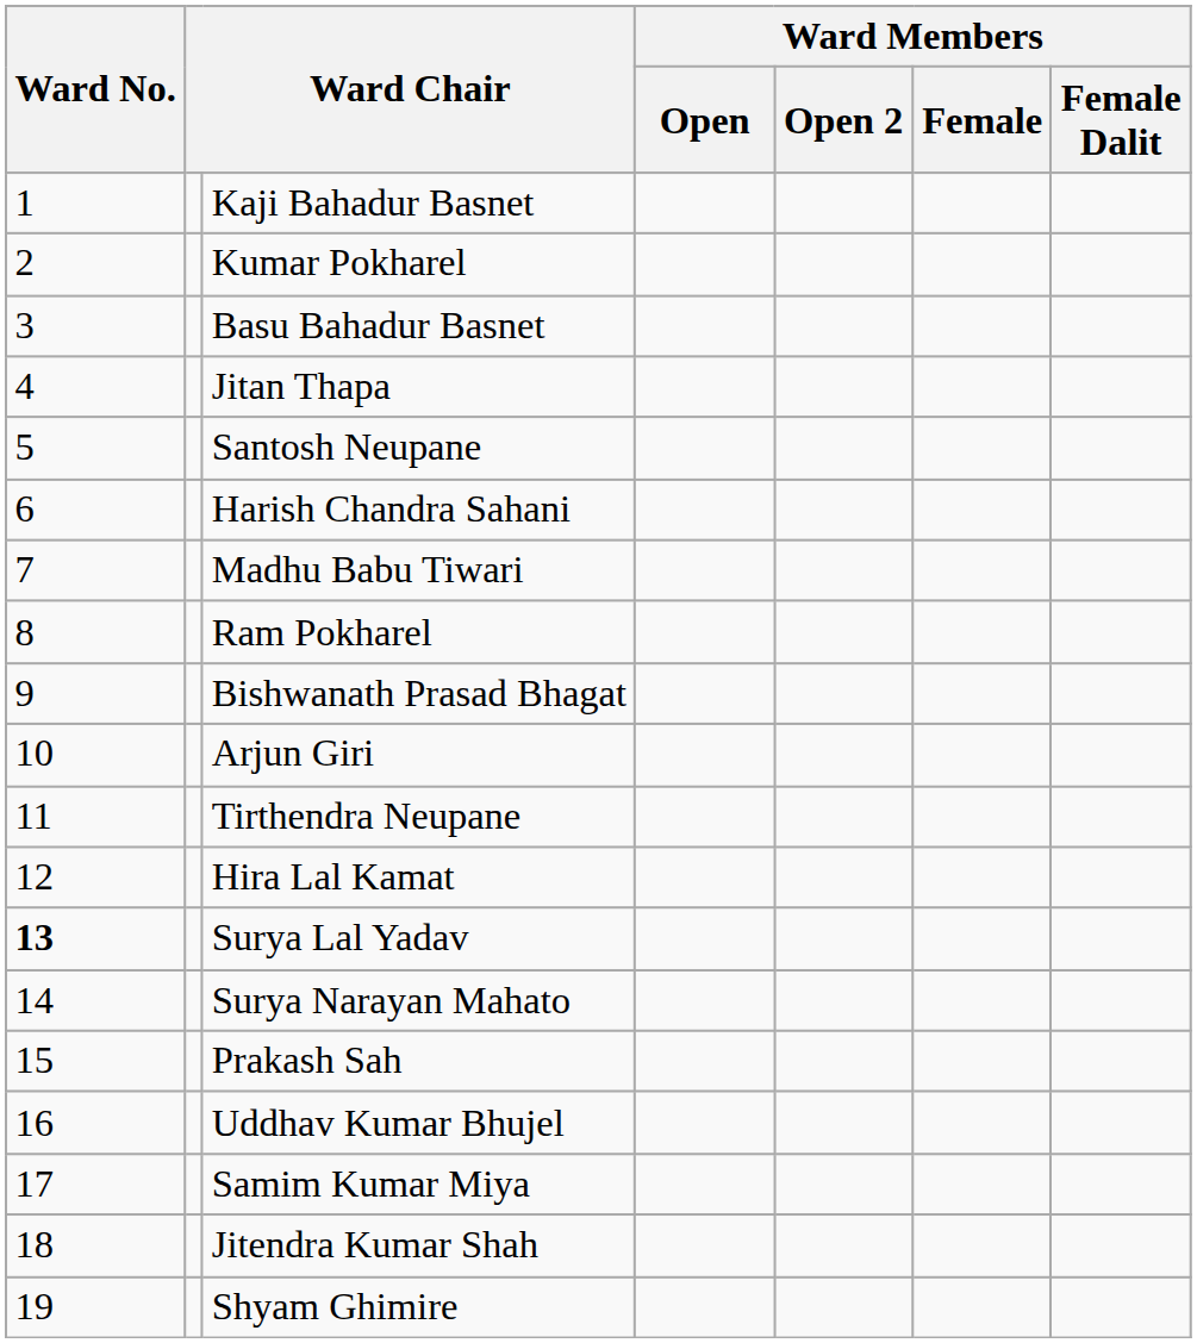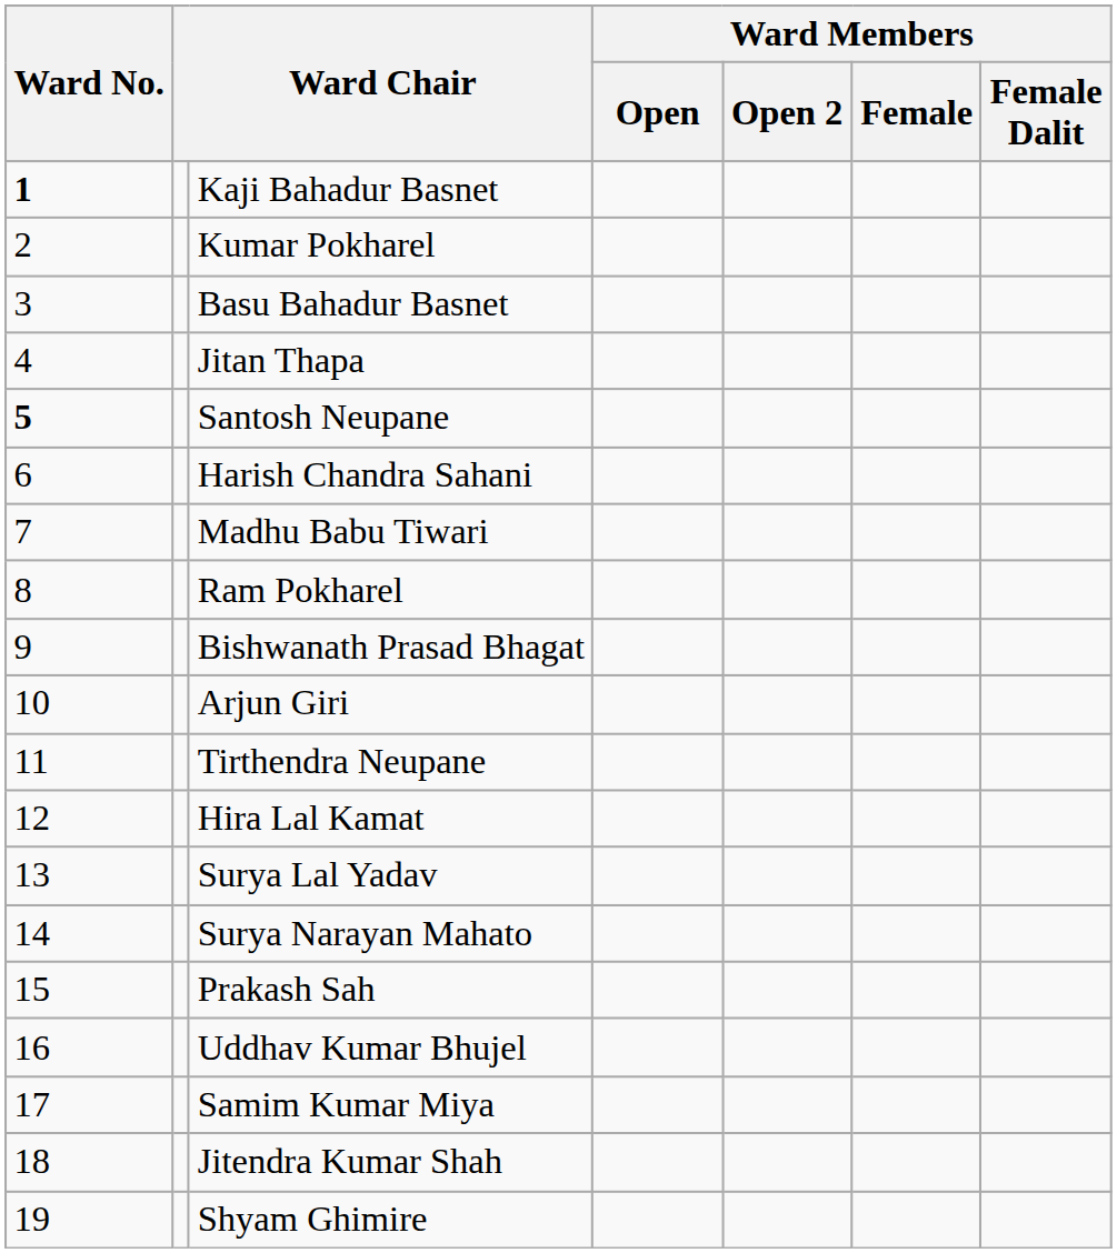 <table class="wikitable">
 <tr>
 <th rowspan="2">Ward No.</th>
 <th colspan="2" rowspan="2">Ward Chair</th>
 <th colspan="4">Ward Members</th>
 </tr>
 <tr>
 <th width="50px">Open</th>
 <th width="50px">Open 2</th>
 <th width="50px">Female</th>
 <th width="50px">Female Dalit</th>
 </tr>
 <tr>
-<td>1</td>
+<td><strong>1</strong></td>
 <td style="background-color:"><br></td>
 <td>Kaji Bahadur Basnet</td>
 <td style="background-color:"><br></td>
 <td style="background-color:"><br></td>
 <td style="background-color:"><br></td>
 <td style="background-color:"><br></td>
 </tr>
 <tr>
 <td>2</td>
 <td style="background-color:"><br></td>
 <td>Kumar Pokharel</td>
 <td style="background-color:"><br></td>
 <td style="background-color:"><br></td>
 <td style="background-color:"><br></td>
 <td style="background-color:"><br></td>
 </tr>
 <tr>
 <td>3</td>
 <td style="background-color:"><br></td>
 <td>Basu Bahadur Basnet</td>
 <td style="background-color:"><br></td>
 <td style="background-color:"><br></td>
 <td style="background-color:"><br></td>
 <td style="background-color:"><br></td>
 </tr>
 <tr>
 <td>4</td>
 <td style="background-color:"><br></td>
 <td>Jitan Thapa</td>
 <td style="background-color:"><br></td>
 <td style="background-color:"><br></td>
 <td style="background-color:"><br></td>
 <td style="background-color:"><br></td>
 </tr>
 <tr>
-<td>5</td>
+<td><strong>5</strong></td>
 <td style="background-color:"><br></td>
 <td>Santosh Neupane</td>
 <td style="background-color:"><br></td>
 <td style="background-color:"><br></td>
 <td style="background-color:"><br></td>
 <td style="background-color:"><br></td>
 </tr>
 <tr>
 <td>6</td>
 <td style="background-color:"><br></td>
 <td>Harish Chandra Sahani</td>
 <td style="background-color:"><br></td>
 <td style="background-color:"><br></td>
 <td style="background-color:"><br></td>
 <td style="background-color:"><br></td>
 </tr>
 <tr>
 <td>7</td>
 <td style="background-color:"><br></td>
 <td>Madhu Babu Tiwari</td>
 <td style="background-color:"><br></td>
 <td style="background-color:"><br></td>
 <td style="background-color:"><br></td>
 <td style="background-color:"><br></td>
 </tr>
 <tr>
 <td>8</td>
 <td style="background-color:"><br></td>
 <td>Ram Pokharel</td>
 <td style="background-color:"><br></td>
 <td style="background-color:"><br></td>
 <td style="background-color:"><br></td>
 <td style="background-color:"><br></td>
 </tr>
 <tr>
 <td>9</td>
 <td style="background-color:"><br></td>
 <td>Bishwanath Prasad Bhagat</td>
 <td style="background-color:"><br></td>
 <td style="background-color:"><br></td>
 <td style="background-color:"><br></td>
 <td style="background-color:"><br></td>
 </tr>
 <tr>
 <td>10</td>
 <td style="background-color:"><br></td>
 <td>Arjun Giri</td>
 <td style="background-color:"><br></td>
 <td style="background-color:"><br></td>
 <td style="background-color:"><br></td>
 <td style="background-color:"><br></td>
 </tr>
 <tr>
 <td>11</td>
 <td style="background-color:"><br></td>
 <td>Tirthendra Neupane</td>
 <td style="background-color:"><br></td>
 <td style="background-color:"><br></td>
 <td style="background-color:"><br></td>
 <td style="background-color:"><br></td>
 </tr>
 <tr>
 <td>12</td>
 <td style="background-color:"><br></td>
 <td>Hira Lal Kamat</td>
 <td style="background-color:"><br></td>
 <td style="background-color:"><br></td>
 <td style="background-color:"><br></td>
 <td style="background-color:"><br></td>
 </tr>
 <tr>
-<td><strong>13</strong></td>
+<td>13</td>
 <td style="background-color:"><br></td>
 <td>Surya Lal Yadav</td>
 <td style="background-color:"><br></td>
 <td style="background-color:"><br></td>
 <td style="background-color:"><br></td>
 <td style="background-color:"><br></td>
 </tr>
 <tr>
 <td>14</td>
 <td style="background-color:"><br></td>
 <td>Surya Narayan Mahato</td>
 <td style="background-color:"><br></td>
 <td style="background-color:"><br></td>
 <td style="background-color:"><br></td>
 <td style="background-color:"><br></td>
 </tr>
 <tr>
 <td>15</td>
 <td style="background-color:"><br></td>
 <td>Prakash Sah</td>
 <td style="background-color:"><br></td>
 <td style="background-color:"><br></td>
 <td style="background-color:"><br></td>
 <td style="background-color:"><br></td>
 </tr>
 <tr>
 <td>16</td>
 <td style="background-color:"><br></td>
 <td>Uddhav Kumar Bhujel</td>
 <td style="background-color:"><br></td>
 <td style="background-color:"><br></td>
 <td style="background-color:"><br></td>
 <td style="background-color:"><br></td>
 </tr>
 <tr>
 <td>17</td>
 <td style="background-color:"><br></td>
 <td>Samim Kumar Miya</td>
 <td style="background-color:"><br></td>
 <td style="background-color:"><br></td>
 <td style="background-color:"><br></td>
 <td style="background-color:"><br></td>
 </tr>
 <tr>
 <td>18</td>
 <td style="background-color:"><br></td>
 <td>Jitendra Kumar Shah</td>
 <td style="background-color:"><br></td>
 <td style="background-color:"><br></td>
 <td style="background-color:"><br></td>
 <td style="background-color:"><br></td>
 </tr>
 <tr>
 <td>19</td>
 <td style="background-color:"><br></td>
 <td>Shyam Ghimire</td>
 <td style="background-color:"><br></td>
 <td style="background-color:"><br></td>
 <td style="background-color:"><br></td>
 <td style="background-color:"><br></td>
 </tr>
 </table>
